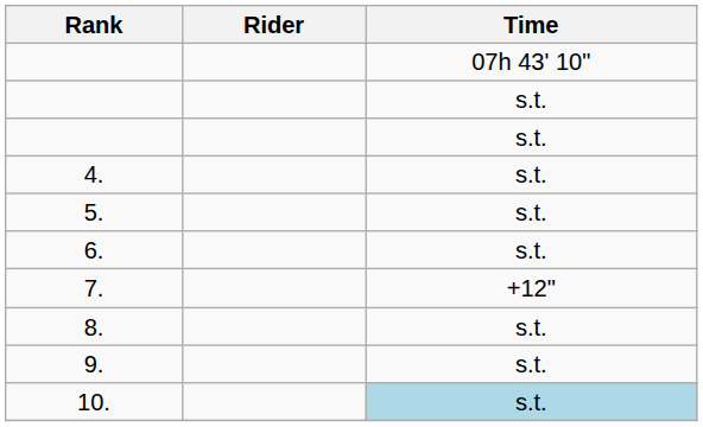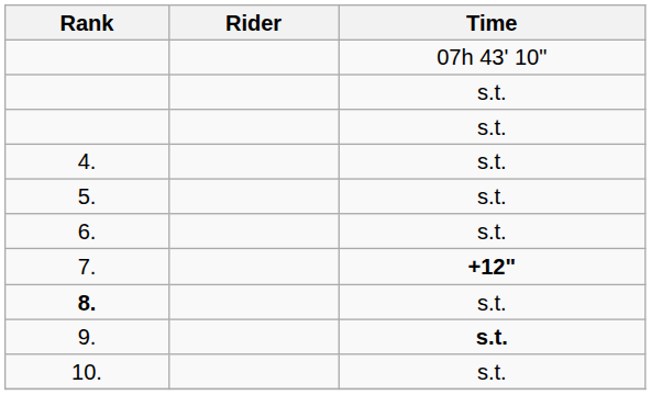 <table class="wikitable" style="font-size:95%" width="50%">
 <tr>
 <th>Rank</th>
 <th>Rider</th>
 <th>Time</th>
 </tr>
 <tr>
 <td align="center"></td>
 <td></td>
 <td align="center">07h 43' 10"</td>
 </tr>
 <tr>
 <td align="center"></td>
 <td></td>
 <td align="center">s.t.</td>
 </tr>
 <tr>
 <td align="center"></td>
 <td></td>
 <td align="center">s.t.</td>
 </tr>
 <tr>
 <td align="center">4.</td>
 <td></td>
 <td align="center">s.t.</td>
 </tr>
 <tr>
 <td align="center">5.</td>
 <td></td>
 <td align="center">s.t.</td>
 </tr>
 <tr>
 <td align="center">6.</td>
 <td></td>
 <td align="center">s.t.</td>
 </tr>
 <tr>
 <td align="center">7.</td>
 <td></td>
-<td align="center">+12"</td>
+<td align="center"><strong>+12"</strong></td>
 </tr>
 <tr>
-<td align="center">8.</td>
+<td align="center"><strong>8.</strong></td>
 <td></td>
 <td align="center">s.t.</td>
 </tr>
 <tr>
 <td align="center">9.</td>
 <td></td>
-<td align="center">s.t.</td>
+<td align="center"><strong>s.t.</strong></td>
 </tr>
 <tr>
 <td align="center">10.</td>
 <td></td>
-<td align="center" style="background: lightblue;">s.t.</td>
+<td align="center">s.t.</td>
 </tr>
 <tr>
 </tr>
 </table>
